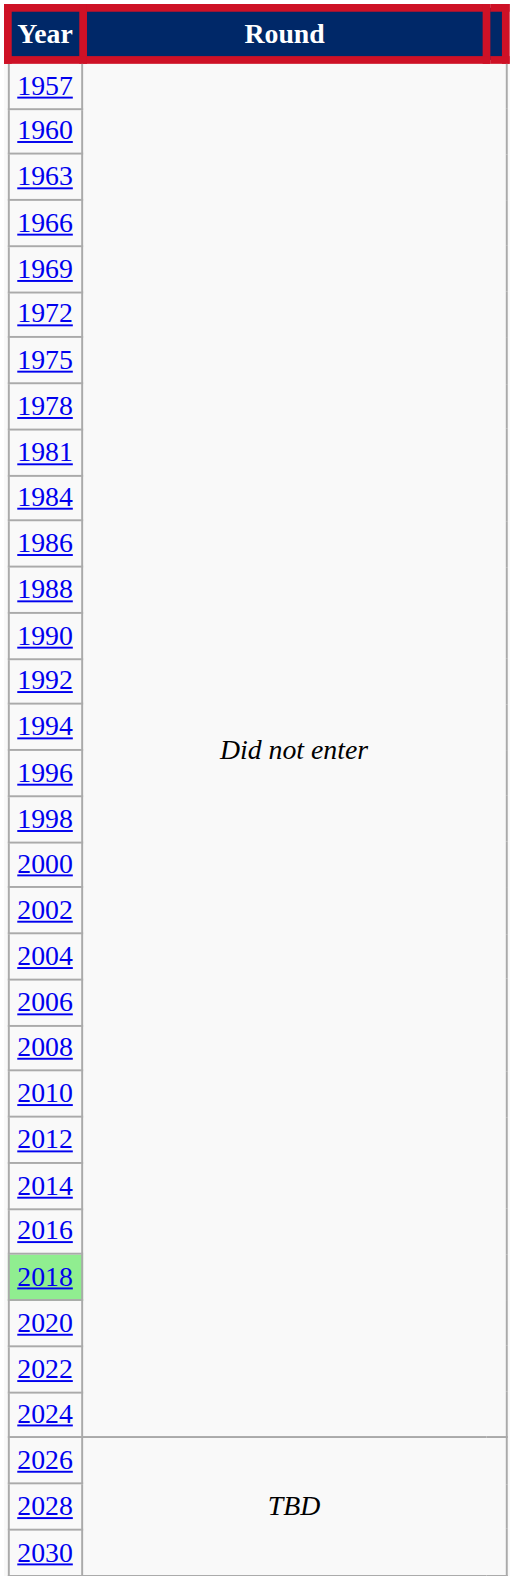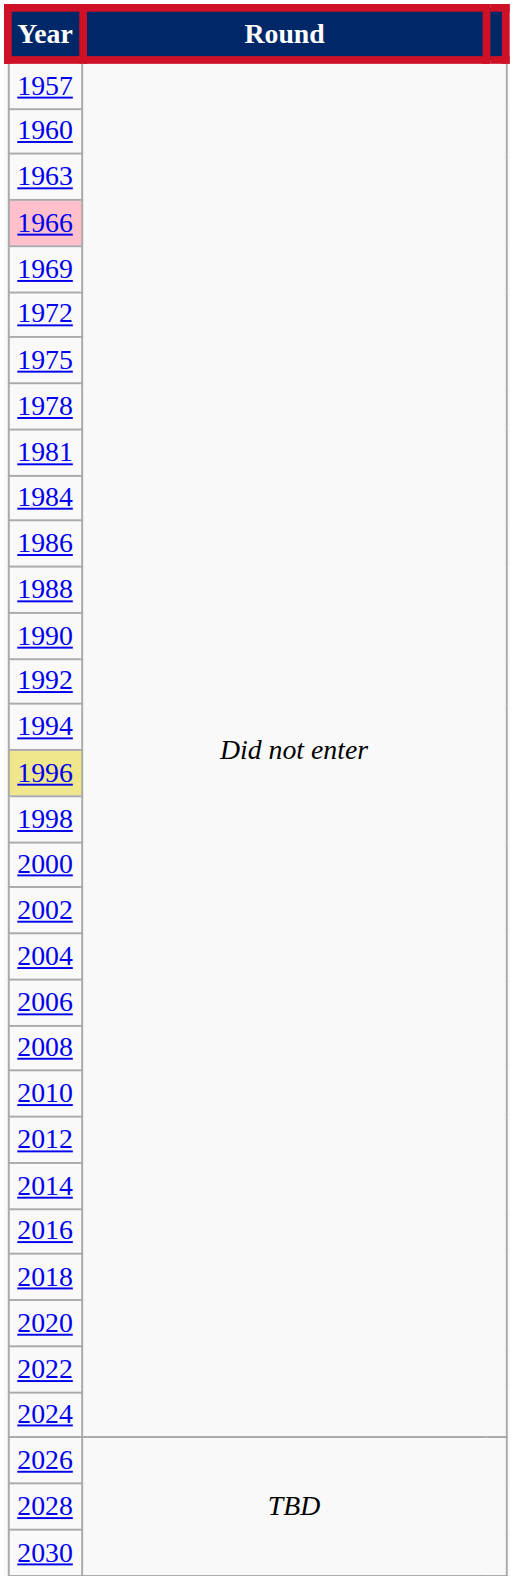 <table class="wikitable" style="text-align: center; font-size:90%">
 <tr style="color:white;">
 <th style="background:#002868; border: 4px solid #CE1126; ">Year</th>
 <th style="background:#002868; border: 4px solid #CE1126; width:200px">Round</th>
 <th style="background:#002868; border: 4px solid #CE1126;"></th>
 </tr>
 <tr>
 <td><a href='#'>1957</a></td>
 <td colspan="2" rowspan="30"><em>Did not enter</em></td>
 </tr>
 <tr>
 <td><a href='#'>1960</a></td>
 </tr>
 <tr>
 <td><a href='#'>1963</a></td>
 </tr>
 <tr>
-<td><a href='#'>1966</a></td>
+<td style="background: pink;"><a href='#'>1966</a></td>
 </tr>
 <tr>
 <td><a href='#'>1969</a></td>
 </tr>
 <tr>
 <td><a href='#'>1972</a></td>
 </tr>
 <tr>
 <td><a href='#'>1975</a></td>
 </tr>
 <tr>
 <td><a href='#'>1978</a></td>
 </tr>
 <tr>
 <td><a href='#'>1981</a></td>
 </tr>
 <tr>
 <td><a href='#'>1984</a></td>
 </tr>
 <tr>
 <td><a href='#'>1986</a></td>
 </tr>
 <tr>
 <td><a href='#'>1988</a></td>
 </tr>
 <tr>
 <td><a href='#'>1990</a></td>
 </tr>
 <tr>
 <td><a href='#'>1992</a></td>
 </tr>
 <tr>
 <td><a href='#'>1994</a></td>
 </tr>
 <tr>
-<td><a href='#'>1996</a></td>
+<td style="background: khaki;"><a href='#'>1996</a></td>
 </tr>
 <tr>
 <td><a href='#'>1998</a></td>
 </tr>
 <tr>
 <td><a href='#'>2000</a></td>
 </tr>
 <tr>
 <td><a href='#'>2002</a></td>
 </tr>
 <tr>
 <td><a href='#'>2004</a></td>
 </tr>
 <tr>
 <td><a href='#'>2006</a></td>
 </tr>
 <tr>
 <td><a href='#'>2008</a></td>
 </tr>
 <tr>
 <td><a href='#'>2010</a></td>
 </tr>
 <tr>
 <td><a href='#'>2012</a></td>
 </tr>
 <tr>
 <td><a href='#'>2014</a></td>
 </tr>
 <tr>
 <td><a href='#'>2016</a></td>
 </tr>
 <tr>
-<td style="background: lightgreen;"><a href='#'>2018</a></td>
+<td><a href='#'>2018</a></td>
 </tr>
 <tr>
 <td><a href='#'>2020</a></td>
 </tr>
 <tr>
 <td><a href='#'>2022</a></td>
 </tr>
 <tr>
 <td><a href='#'>2024</a></td>
 </tr>
 <tr>
 <td><a href='#'>2026</a></td>
 <td colspan="2" rowspan="3"><em>TBD</em></td>
 </tr>
 <tr>
 <td><a href='#'>2028</a></td>
 </tr>
 <tr>
 <td><a href='#'>2030</a></td>
 </tr>
 </table>
